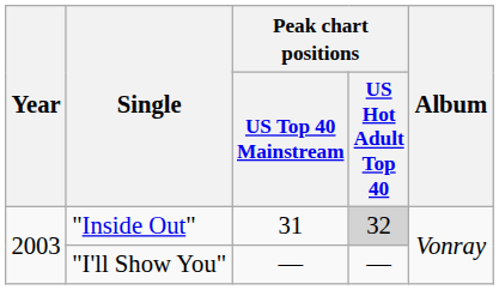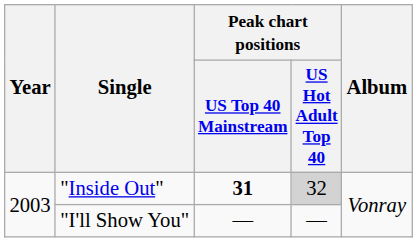 <table class="wikitable" style="text-align:center;">
 <tr>
 <th rowspan="2">Year</th>
 <th rowspan="2">Single</th>
 <th colspan="2"><small>Peak chart positions</small></th>
 <th rowspan="2">Album</th>
 </tr>
 <tr style="font-size:smaller;">
 <th style="width:30px;"><a href='#'>US Top 40 Mainstream</a></th>
 <th style="width:30px;"><a href='#'>US Hot Adult Top 40</a></th>
 </tr>
 <tr>
 <td rowspan="2">2003</td>
 <td style="text-align:left;">"<a href='#'>Inside Out</a>"</td>
-<td>31</td>
+<td><strong>31</strong></td>
 <td style="background: lightgrey;">32</td>
 <td rowspan="2"><em>Vonray</em></td>
 </tr>
 <tr>
 <td style="text-align:left;">"I'll Show You"</td>
 <td>—</td>
 <td>—</td>
 </tr>
 </table>
